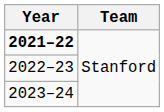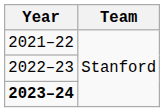 <table class="wikitable">
 <tr>
 <th>Year</th>
 <th>Team</th>
 </tr>
 <tr>
-<td><strong>2021–22</strong></td>
+<td>2021–22</td>
 <td rowspan="3">Stanford</td>
 </tr>
 <tr>
 <td>2022–23</td>
 </tr>
 <tr>
-<td>2023–24</td>
+<td><strong>2023–24</strong></td>
 </tr>
 </table>
